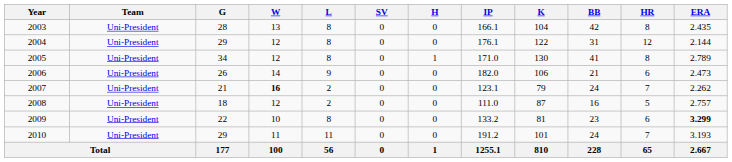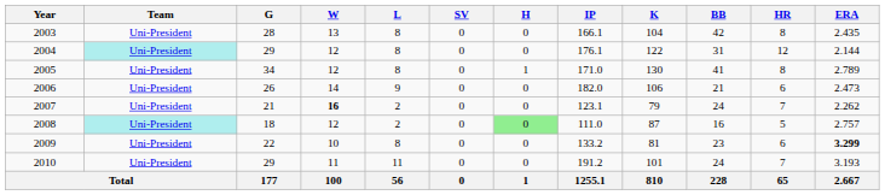 <table class="wikitable" style="text-align:center; font-size:95%">
 <tr>
 <th width = "100">Year</th>
 <th width = "200">Team</th>
 <th width = "80">G</th>
 <th width = "80"><a href='#'>W</a></th>
 <th width = "80"><a href='#'>L</a></th>
 <th width = "80"><a href='#'>SV</a></th>
 <th width = "80"><a href='#'>H</a></th>
 <th width = "80"><a href='#'>IP</a></th>
 <th width = "80"><a href='#'>K</a></th>
 <th width = "80"><a href='#'>BB</a></th>
 <th width = "80"><a href='#'>HR</a></th>
 <th width = "80"><a href='#'>ERA</a></th>
 </tr>
 <tr align="center">
 <td>2003</td>
 <td><a href='#'>Uni-President</a></td>
 <td>28</td>
 <td>13</td>
 <td>8</td>
 <td>0</td>
 <td>0</td>
 <td>166.1</td>
 <td>104</td>
 <td>42</td>
 <td>8</td>
 <td>2.435</td>
 </tr>
 <tr align="center">
 <td>2004</td>
-<td><a href='#'>Uni-President</a></td>
+<td style="background: paleturquoise;"><a href='#'>Uni-President</a></td>
 <td>29</td>
 <td>12</td>
 <td>8</td>
 <td>0</td>
 <td>0</td>
 <td>176.1</td>
 <td>122</td>
 <td>31</td>
 <td>12</td>
 <td>2.144</td>
 </tr>
 <tr align="center">
 <td>2005</td>
 <td><a href='#'>Uni-President</a></td>
 <td>34</td>
 <td>12</td>
 <td>8</td>
 <td>0</td>
 <td>1</td>
 <td>171.0</td>
 <td>130</td>
 <td>41</td>
 <td>8</td>
 <td>2.789</td>
 </tr>
 <tr align="center">
 <td>2006</td>
 <td><a href='#'>Uni-President</a></td>
 <td>26</td>
 <td>14</td>
 <td>9</td>
 <td>0</td>
 <td>0</td>
 <td>182.0</td>
 <td>106</td>
 <td>21</td>
 <td>6</td>
 <td>2.473</td>
 </tr>
 <tr align="center">
 <td>2007</td>
 <td><a href='#'>Uni-President</a></td>
 <td>21</td>
 <td><strong>16</strong></td>
 <td>2</td>
 <td>0</td>
 <td>0</td>
 <td>123.1</td>
 <td>79</td>
 <td>24</td>
 <td>7</td>
 <td>2.262</td>
 </tr>
 <tr align="center">
 <td>2008</td>
-<td><a href='#'>Uni-President</a></td>
+<td style="background: paleturquoise;"><a href='#'>Uni-President</a></td>
 <td>18</td>
 <td>12</td>
 <td>2</td>
 <td>0</td>
-<td>0</td>
+<td style="background: lightgreen;">0</td>
 <td>111.0</td>
 <td>87</td>
 <td>16</td>
 <td>5</td>
 <td>2.757</td>
 </tr>
 <tr align="center">
 <td>2009</td>
 <td><a href='#'>Uni-President</a></td>
 <td>22</td>
 <td>10</td>
 <td>8</td>
 <td>0</td>
 <td>0</td>
 <td>133.2</td>
 <td>81</td>
 <td>23</td>
 <td>6</td>
 <td><strong>3.299</strong></td>
 </tr>
 <tr align="center">
 <td>2010</td>
 <td><a href='#'>Uni-President</a></td>
 <td>29</td>
 <td>11</td>
 <td>11</td>
 <td>0</td>
 <td>0</td>
 <td>191.2</td>
 <td>101</td>
 <td>24</td>
 <td>7</td>
 <td>3.193</td>
 </tr>
 <tr align="center">
 <th colspan="2">Total</th>
 <th>177</th>
 <th>100</th>
 <th>56</th>
 <th>0</th>
 <th>1</th>
 <th>1255.1</th>
 <th>810</th>
 <th>228</th>
 <th>65</th>
 <th>2.667</th>
 </tr>
 </table>
